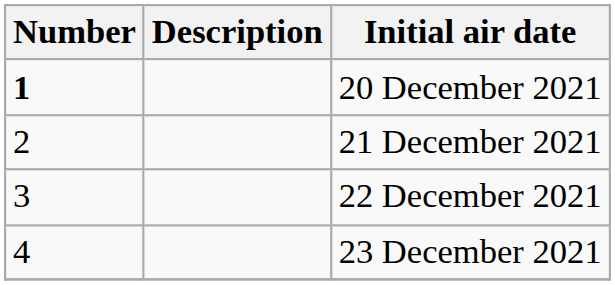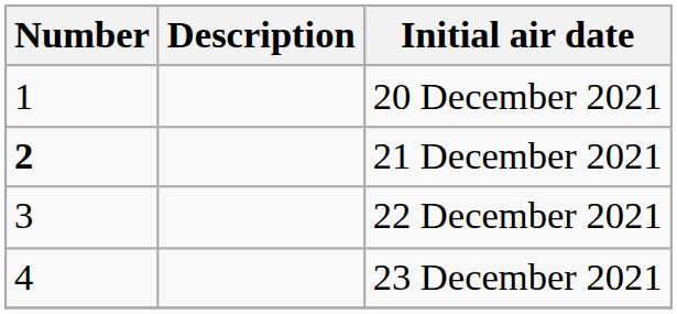 <table class="wikitable">
 <tr>
 <th>Number</th>
 <th>Description</th>
 <th>Initial air date</th>
 </tr>
 <tr>
-<td><strong>1</strong></td>
+<td>1</td>
 <td></td>
 <td>20 December 2021</td>
 </tr>
 <tr>
-<td>2</td>
+<td><strong>2</strong></td>
 <td></td>
 <td>21 December 2021</td>
 </tr>
 <tr>
 <td>3</td>
 <td></td>
 <td>22 December 2021</td>
 </tr>
 <tr>
 <td>4</td>
 <td></td>
 <td>23 December 2021</td>
 </tr>
 <tr>
 </tr>
 </table>
